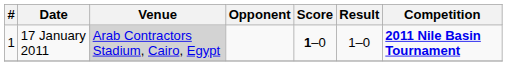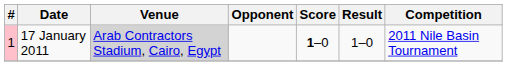 <table class="wikitable">
 <tr>
 <th>#</th>
 <th>Date</th>
 <th>Venue</th>
 <th>Opponent</th>
 <th>Score</th>
 <th>Result</th>
 <th>Competition</th>
 </tr>
 <tr>
-<td>1</td>
+<td style="background: pink;">1</td>
 <td>17 January 2011</td>
 <td style="background: lightgrey;"><a href='#'>Arab Contractors Stadium</a>, <a href='#'>Cairo</a>, <a href='#'>Egypt</a></td>
 <td></td>
 <td align=center><strong>1</strong>–0</td>
 <td align=center>1–0</td>
-<td><strong><a href='#'>2011 Nile Basin Tournament</a></strong></td>
+<td><a href='#'>2011 Nile Basin Tournament</a></td>
 </tr>
 <tr>
 </tr>
 </table>
